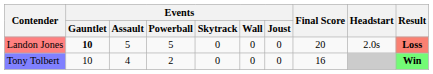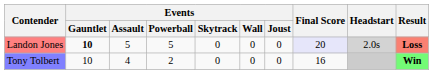 <table class="wikitable" style="text-align:center;">
 <tr>
 <th rowspan=2>Contender</th>
 <th colspan=6>Events</th>
 <th rowspan=2>Final Score</th>
 <th rowspan=2>Headstart</th>
 <th rowspan=2>Result</th>
 </tr>
 <tr>
 <th>Gauntlet</th>
 <th>Assault</th>
 <th>Powerball</th>
 <th>Skytrack</th>
 <th>Wall</th>
 <th>Joust</th>
 </tr>
 <tr>
 <td bgcolor=#ff8080 style="text-align:left;">Landon Jones</td>
 <td><strong>10</strong></td>
 <td>5</td>
 <td>5</td>
 <td>0</td>
 <td>0</td>
 <td>0</td>
-<td>20</td>
-<td>2.0s</td>
+<td style="background: lavender;">20</td>
+<td style="background: lightgrey;">2.0s</td>
 <td style="text-align:center; background:salmon;"><strong>Loss</strong></td>
 </tr>
 <tr>
 <td bgcolor=#8080ff style="text-align:left;">Tony Tolbert</td>
 <td>10</td>
 <td>4</td>
 <td>2</td>
 <td>0</td>
 <td>0</td>
 <td>0</td>
 <td>16</td>
 <td style="background:#ccc"></td>
 <td style="text-align:center; background:#73fb76;"><strong>Win</strong></td>
 </tr>
 </table>
